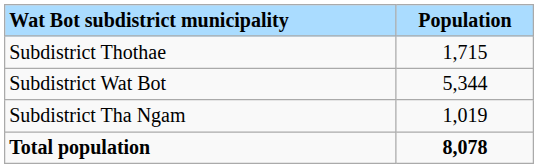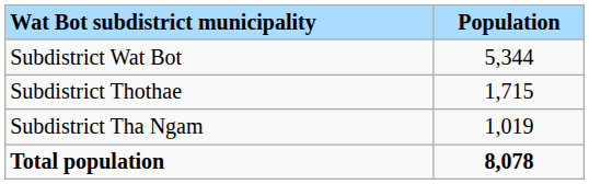 <table class="wikitable" style="width:48%; display:inline-table;">
 <tr>
 <th scope="col" style= "width:74%; background: #aadcff; text-align:left;"><strong>Wat Bot subdistrict municipality</strong></th>
 <th scope="col" style= "width:26%; background: #aadcff; text-align:center;"><strong>Population</strong></th>
 </tr>
 <tr>
+<td>Subdistrict Wat Bot</td>
+<td style="text-align:center;">5,344</td>
+</tr>
+<tr>
 <td>Subdistrict Thothae</td>
 <td style="text-align:center;">1,715</td>
-</tr>
-<tr>
-<td>Subdistrict Wat Bot</td>
-<td style="text-align:center;">5,344</td>
 </tr>
 <tr>
 <td>Subdistrict Tha Ngam</td>
 <td style="text-align:center;">1,019</td>
 </tr>
 <tr>
 <td><strong>Total population</strong></td>
 <td style="text-align:center;"><strong>8,078</strong></td>
 </tr>
 </table>
